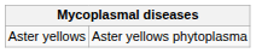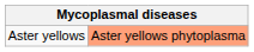 <table class="wikitable">
 <tr>
 <th colspan=2><strong>Mycoplasmal diseases</strong><br></th>
 </tr>
 <tr>
 <td>Aster yellows</td>
-<td>Aster yellows phytoplasma</td>
+<td style="background: lightsalmon;">Aster yellows phytoplasma</td>
 </tr>
 </table>
